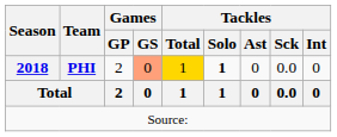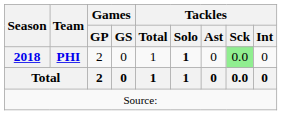 <table class=wikitable style="text-align:center;">
 <tr>
 <th rowspan=2>Season</th>
 <th rowspan=2>Team</th>
 <th colspan=2>Games</th>
 <th colspan=5>Tackles</th>
 </tr>
 <tr>
 <th>GP</th>
 <th>GS</th>
 <th>Total</th>
 <th>Solo</th>
 <th>Ast</th>
 <th>Sck</th>
 <th>Int</th>
 </tr>
 <tr>
 <th><a href='#'>2018</a></th>
 <th><a href='#'>PHI</a></th>
 <td>2</td>
-<td style="background: lightsalmon;">0</td>
-<td style="background: gold;">1</td>
+<td>0</td>
+<td>1</td>
 <td><strong>1</strong></td>
 <td>0</td>
-<td>0.0</td>
+<td style="background: lightgreen;">0.0</td>
 <td>0</td>
 </tr>
 <tr>
 <th colspan=2>Total</th>
 <th>2</th>
 <th>0</th>
 <th>1</th>
 <th>1</th>
 <th>0</th>
 <th>0.0</th>
 <th>0</th>
 </tr>
 <tr>
 <td colspan=9><small>Source: </small></td>
 </tr>
 </table>
